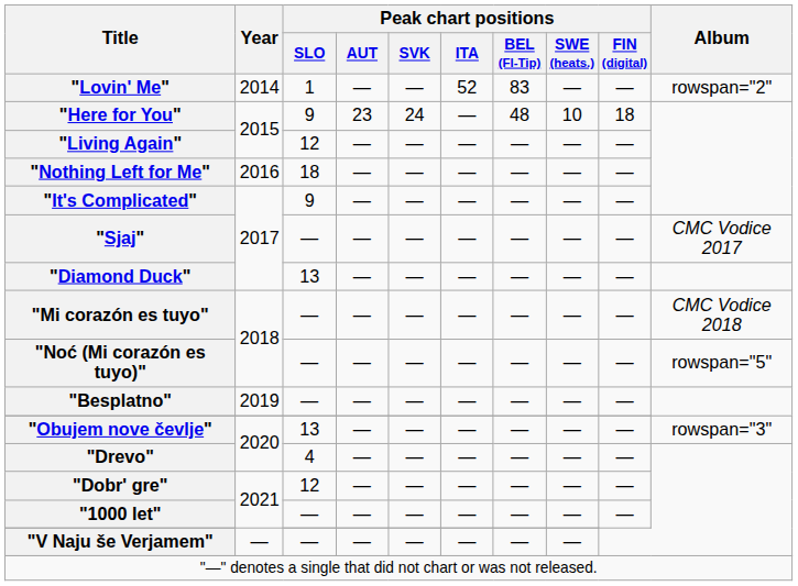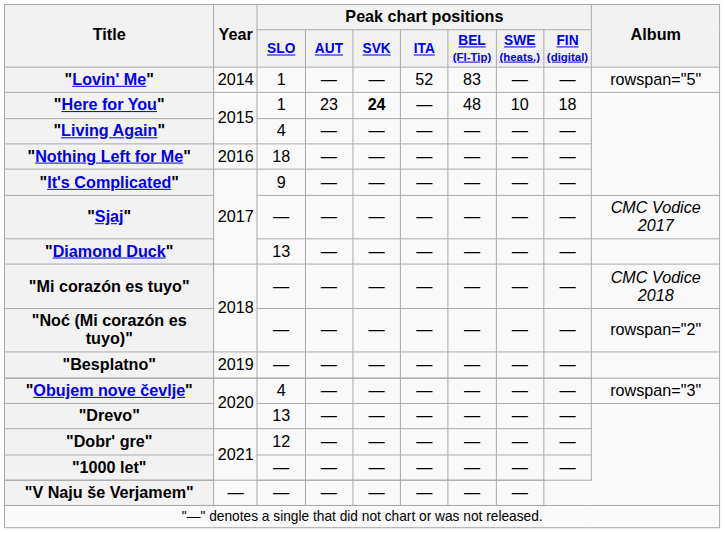 <table class="wikitable plainrowheaders" style="text-align:center;">
 <tr>
 <th rowspan="2" scope="col" width="200">Title</th>
 <th rowspan="2" scope="col">Year</th>
 <th colspan="7" scope="col">Peak chart positions</th>
 <th rowspan="2" scope="col" width="120">Album</th>
 </tr>
 <tr>
 <th scope="col" style="width:3em;font-size:85%;"><a href='#'>SLO</a><br></th>
 <th scope="col" style="width:3em;font-size:85%;"><a href='#'>AUT</a><br></th>
 <th scope="col" style="width:3em;font-size:85%;"><a href='#'>SVK</a><br></th>
 <th scope="col" style="width:3em;font-size:85%;"><a href='#'>ITA</a><br></th>
 <th scope="col" style="width:3em;font-size:85%;"><a href='#'>BEL<br><small>(Fl-Tip)</small></a><br></th>
 <th scope="col" style="width:3em;font-size:85%;"><a href='#'>SWE<br><small>(heats.)</small></a><br></th>
 <th scope="col" style="width:3em;font-size:85%;"><a href='#'>FIN<br><small>(digital)</small></a><br></th>
 </tr>
 <tr>
 <th scope="row">"<a href='#'>Lovin' Me</a>"</th>
 <td>2014</td>
 <td>1</td>
 <td>—</td>
 <td>—</td>
 <td>52</td>
 <td>83</td>
 <td>—</td>
 <td>—</td>
-<td>rowspan="2" </td>
+<td>rowspan="5" </td>
 </tr>
 <tr>
 <th scope="row">"<a href='#'>Here for You</a>"</th>
 <td rowspan="2">2015</td>
-<td>9</td>
+<td>1</td>
 <td>23</td>
-<td>24</td>
+<td><strong>24</strong></td>
 <td>—</td>
 <td>48</td>
 <td>10</td>
 <td>18</td>
 </tr>
 <tr>
 <th scope="row">"<a href='#'>Living Again</a>"</th>
-<td>12</td>
+<td>4</td>
 <td>—</td>
 <td>—</td>
 <td>—</td>
 <td>—</td>
 <td>—</td>
 <td>—</td>
 </tr>
 <tr>
 <th scope="row">"<a href='#'>Nothing Left for Me</a>"</th>
 <td>2016</td>
 <td>18</td>
 <td>—</td>
 <td>—</td>
 <td>—</td>
 <td>—</td>
 <td>—</td>
 <td>—</td>
 </tr>
 <tr>
 <th scope="row">"<a href='#'>It's Complicated</a>"<br></th>
 <td rowspan="3">2017</td>
 <td>9</td>
 <td>—</td>
 <td>—</td>
 <td>—</td>
 <td>—</td>
 <td>—</td>
 <td>—</td>
 </tr>
 <tr>
 <th scope="row">"<a href='#'>Sjaj</a>"<br></th>
 <td>—</td>
 <td>—</td>
 <td>—</td>
 <td>—</td>
 <td>—</td>
 <td>—</td>
 <td>—</td>
 <td><em>CMC Vodice 2017</em></td>
 </tr>
 <tr>
 <th scope="row">"<a href='#'>Diamond Duck</a>"</th>
 <td>13</td>
 <td>—</td>
 <td>—</td>
 <td>—</td>
 <td>—</td>
 <td>—</td>
 <td>—</td>
 <td></td>
 </tr>
 <tr>
 <th scope="row">"Mi corazón es tuyo"<br></th>
 <td rowspan="2">2018</td>
 <td>—</td>
 <td>—</td>
 <td>—</td>
 <td>—</td>
 <td>—</td>
 <td>—</td>
 <td>—</td>
 <td><em>CMC Vodice 2018</em></td>
 </tr>
 <tr>
 <th scope="row">"Noć (Mi corazón es tuyo)"<br></th>
 <td>—</td>
 <td>—</td>
 <td>—</td>
 <td>—</td>
 <td>—</td>
 <td>—</td>
 <td>—</td>
-<td>rowspan="5" </td>
+<td>rowspan="2" </td>
 </tr>
 <tr>
 <th scope="row">"Besplatno"</th>
 <td>2019</td>
 <td>—</td>
 <td>—</td>
 <td>—</td>
 <td>—</td>
 <td>—</td>
 <td>—</td>
 <td>—</td>
 </tr>
 <tr>
 </tr>
 <tr>
 <th scope="row">"<a href='#'>Obujem nove čevlje</a>"</th>
 <td rowspan="2">2020</td>
-<td>13</td>
+<td>4</td>
 <td>—</td>
 <td>—</td>
 <td>—</td>
 <td>—</td>
 <td>—</td>
 <td>—</td>
 <td>rowspan="3" </td>
 </tr>
 <tr>
 <th scope="row">"Drevo"</th>
-<td>4</td>
+<td>13</td>
 <td>—</td>
 <td>—</td>
 <td>—</td>
 <td>—</td>
 <td>—</td>
 <td>—</td>
 </tr>
 <tr>
 <th scope="row">"Dobr' gre"</th>
 <td rowspan="3">2021</td>
 <td>12</td>
 <td>—</td>
 <td>—</td>
 <td>—</td>
 <td>—</td>
 <td>—</td>
 <td>—</td>
 </tr>
 <tr>
 <th scope="row">"1000 let"</th>
 <td>—</td>
 <td>—</td>
 <td>—</td>
 <td>—</td>
 <td>—</td>
 <td>—</td>
 <td>—</td>
 </tr>
 <tr>
 </tr>
 <tr>
 <th scope="row">"V Naju še Verjamem"<br></th>
 <td>—</td>
 <td>—</td>
 <td>—</td>
 <td>—</td>
 <td>—</td>
 <td>—</td>
 <td>—</td>
 </tr>
 <tr>
 </tr>
 <tr>
 <td colspan="11" style="text-align:center; font-size:85%;">"—" denotes a single that did not chart or was not released.</td>
 </tr>
 </table>
